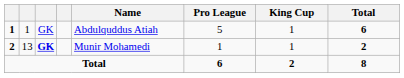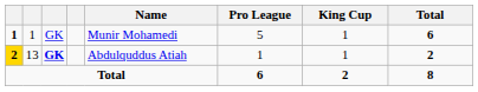 <table class="wikitable" style="text-align:center">
 <tr>
 <th width=15></th>
 <th width=15></th>
 <th width=15></th>
 <th width=15></th>
 <th width=160>Name</th>
 <th width=100>Pro League</th>
 <th width=100>King Cup</th>
 <th width=100>Total</th>
 </tr>
 <tr>
 <td><strong>1</strong></td>
 <td>1</td>
 <td><a href='#'>GK</a></td>
 <td></td>
-<td align=left><a href='#'>Abdulquddus Atiah</a></td>
+<td align=left><a href='#'>Munir Mohamedi</a></td>
 <td>5</td>
 <td>1</td>
 <td><strong>6</strong></td>
 </tr>
 <tr>
-<td><strong>2</strong></td>
+<td style="background: gold;"><strong>2</strong></td>
 <td>13</td>
 <td><strong><a href='#'>GK</a></strong></td>
 <td></td>
-<td align=left><a href='#'>Munir Mohamedi</a></td>
+<td align=left><a href='#'>Abdulquddus Atiah</a></td>
 <td>1</td>
 <td>1</td>
 <td><strong>2</strong></td>
 </tr>
 <tr>
 <td colspan=5><strong>Total</strong></td>
 <td><strong>6</strong></td>
 <td><strong>2</strong></td>
 <td><strong>8</strong></td>
 </tr>
 </table>
